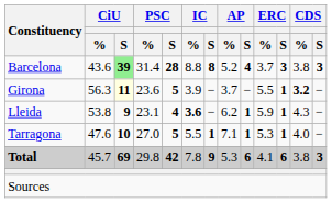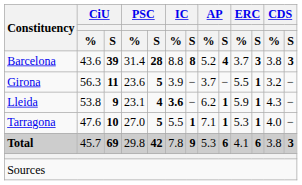 <table class="wikitable sortable" style="text-align:right; line-height:20px;">
 <tr>
 <th rowspan="3">Constituency</th>
 <th colspan="2" width="30px" class="unsortable"><a href='#'>CiU</a></th>
 <th colspan="2" width="30px" class="unsortable"><a href='#'>PSC</a></th>
 <th colspan="2" width="30px" class="unsortable"><a href='#'>IC</a></th>
 <th colspan="2" width="30px" class="unsortable"><a href='#'>AP</a></th>
 <th colspan="2" width="30px" class="unsortable"><a href='#'>ERC</a></th>
 <th colspan="2" width="30px" class="unsortable"><a href='#'>CDS</a></th>
 </tr>
 <tr>
 <th colspan="2" style="background:"></th>
 <th colspan="2" style="background:"></th>
 <th colspan="2" style="background:"></th>
 <th colspan="2" style="background:"></th>
 <th colspan="2" style="background:"></th>
 <th colspan="2" style="background:"></th>
 </tr>
 <tr>
 <th data-sort-type="number">%</th>
 <th data-sort-type="number">S</th>
 <th data-sort-type="number">%</th>
 <th data-sort-type="number">S</th>
 <th data-sort-type="number">%</th>
 <th data-sort-type="number">S</th>
 <th data-sort-type="number">%</th>
 <th data-sort-type="number">S</th>
 <th data-sort-type="number">%</th>
 <th data-sort-type="number">S</th>
 <th data-sort-type="number">%</th>
 <th data-sort-type="number">S</th>
 </tr>
 <tr>
 <td align="left"><a href='#'>Barcelona</a></td>
 <td style="background:">43.6</td>
-<td style="background: lightgreen;"><strong>39</strong></td>
+<td><strong>39</strong></td>
 <td>31.4</td>
 <td><strong>28</strong></td>
 <td>8.8</td>
 <td><strong>8</strong></td>
 <td>5.2</td>
 <td><strong>4</strong></td>
 <td>3.7</td>
 <td><strong>3</strong></td>
 <td>3.8</td>
 <td><strong>3</strong></td>
 </tr>
 <tr>
 <td align="left"><a href='#'>Girona</a></td>
 <td style="background:">56.3</td>
-<td style="background: lightyellow;"><strong>11</strong></td>
+<td><strong>11</strong></td>
 <td>23.6</td>
 <td><strong>5</strong></td>
 <td>3.9</td>
 <td>−</td>
 <td>3.7</td>
 <td>−</td>
 <td>5.5</td>
 <td><strong>1</strong></td>
-<td><strong>3.2</strong></td>
+<td>3.2</td>
 <td>−</td>
 </tr>
 <tr>
 <td align="left"><a href='#'>Lleida</a></td>
 <td style="background:">53.8</td>
 <td><strong>9</strong></td>
 <td>23.1</td>
 <td><strong>4</strong></td>
 <td><strong>3.6</strong></td>
 <td>−</td>
 <td>6.2</td>
 <td><strong>1</strong></td>
 <td>5.9</td>
 <td><strong>1</strong></td>
 <td>4.3</td>
 <td>−</td>
 </tr>
 <tr>
 <td align="left"><a href='#'>Tarragona</a></td>
 <td style="background:">47.6</td>
 <td><strong>10</strong></td>
 <td>27.0</td>
 <td><strong>5</strong></td>
 <td>5.5</td>
 <td><strong>1</strong></td>
 <td>7.1</td>
 <td><strong>1</strong></td>
 <td>5.3</td>
 <td><strong>1</strong></td>
 <td>4.0</td>
 <td>−</td>
 </tr>
 <tr style="background:#CDCDCD;">
 <td align="left"><strong>Total</strong></td>
 <td style="background:">45.7</td>
 <td><strong>69</strong></td>
 <td>29.8</td>
 <td><strong>42</strong></td>
 <td>7.8</td>
 <td><strong>9</strong></td>
 <td>5.3</td>
 <td><strong>6</strong></td>
 <td>4.1</td>
 <td><strong>6</strong></td>
 <td>3.8</td>
 <td><strong>3</strong></td>
 </tr>
 <tr>
 <th colspan="13"></th>
 </tr>
 <tr>
 <th style="text-align:left; font-weight:normal; background:#F9F9F9" colspan="13">Sources</th>
 </tr>
 </table>
